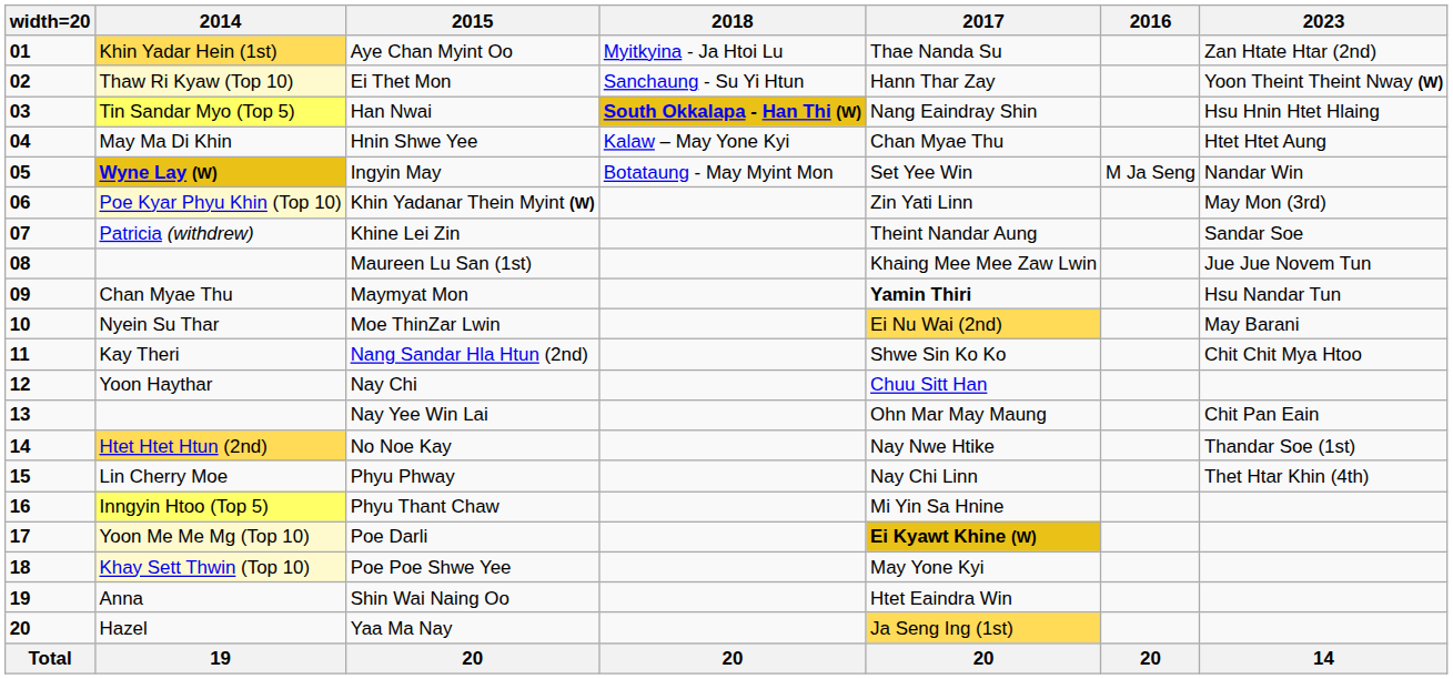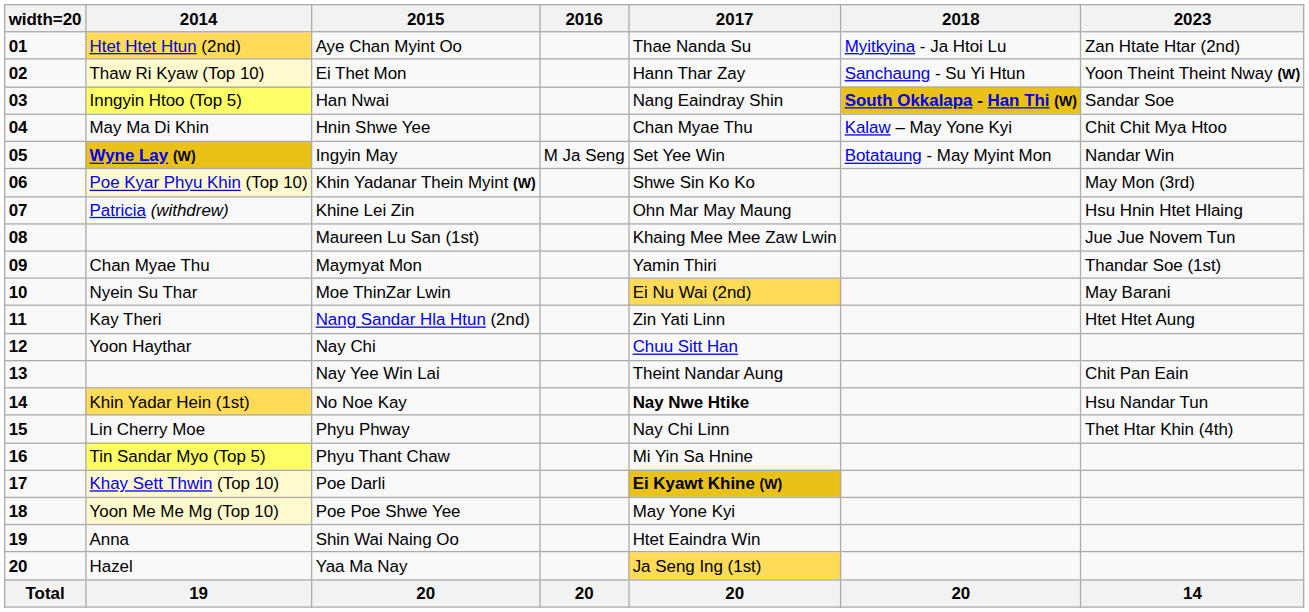 <table class="wikitable" style="font-size: 82%";>
 <tr>
 <th>width=20 </th>
 <th>2014</th>
 <th>2015</th>
+<th>2016</th>
+<th>2017</th>
 <th>2018</th>
-<th>2017</th>
-<th>2016</th>
 <th>2023</th>
 </tr>
 <tr>
 <td><strong>01</strong></td>
-<td bgcolor=#FFDB58>Khin Yadar Hein (1st)</td>
+<td bgcolor=#FFDB58><a href='#'>Htet Htet Htun</a> (2nd)</td>
 <td>Aye Chan Myint Oo</td>
+<td></td>
+<td>Thae Nanda Su</td>
 <td> <a href='#'>Myitkyina</a> - Ja Htoi Lu</td>
-<td>Thae Nanda Su</td>
-<td></td>
 <td>Zan Htate Htar (2nd)</td>
 </tr>
 <tr>
 <td><strong>02</strong></td>
 <td bgcolor="#FFFACD">Thaw Ri Kyaw (Top 10)</td>
 <td>Ei Thet Mon</td>
+<td></td>
+<td>Hann Thar Zay</td>
 <td> <a href='#'>Sanchaung</a> - Su Yi Htun</td>
-<td>Hann Thar Zay</td>
-<td></td>
 <td>Yoon Theint Theint Nway <strong><small>(W)</small></strong></td>
 </tr>
 <tr>
 <td><strong>03</strong></td>
-<td bgcolor="#FFFF66">Tin Sandar Myo (Top 5)</td>
+<td bgcolor="#FFFF66">Inngyin Htoo (Top 5)</td>
 <td>Han Nwai</td>
+<td></td>
+<td>Nang Eaindray Shin</td>
 <td bgcolor="#EAC117"><strong> <a href='#'>South Okkalapa</a> - <a href='#'>Han Thi</a> <small>(W)</small></strong></td>
-<td>Nang Eaindray Shin</td>
-<td></td>
-<td>Hsu Hnin Htet Hlaing</td>
+<td>Sandar Soe</td>
 </tr>
 <tr>
 <td><strong>04</strong></td>
 <td>May Ma Di Khin</td>
 <td>Hnin Shwe Yee</td>
+<td></td>
+<td>Chan Myae Thu</td>
 <td> <a href='#'>Kalaw</a> – May Yone Kyi</td>
-<td>Chan Myae Thu</td>
-<td></td>
-<td>Htet Htet Aung</td>
+<td>Chit Chit Mya Htoo</td>
 </tr>
 <tr>
 <td><strong>05</strong></td>
 <td bgcolor="#EAC117"><strong><a href='#'>Wyne Lay</a> <small>(W)</small></strong></td>
 <td>Ingyin May</td>
+<td>M Ja Seng</td>
+<td>Set Yee Win</td>
 <td> <a href='#'>Botataung</a> - May Myint Mon</td>
-<td>Set Yee Win</td>
-<td>M Ja Seng</td>
 <td>Nandar Win</td>
 </tr>
 <tr>
 <td><strong>06</strong></td>
 <td bgcolor="#FFFACD"><a href='#'>Poe Kyar Phyu Khin</a> (Top 10)</td>
 <td>Khin Yadanar Thein Myint <strong><small>(W)</small></strong></td>
 <td></td>
-<td>Zin Yati Linn</td>
+<td>Shwe Sin Ko Ko</td>
 <td></td>
 <td>May Mon (3rd)</td>
 </tr>
 <tr>
 <td><strong>07</strong></td>
 <td><a href='#'>Patricia</a> <em>(withdrew)</em></td>
 <td>Khine Lei Zin</td>
 <td></td>
-<td>Theint Nandar Aung</td>
+<td>Ohn Mar May Maung</td>
 <td></td>
-<td>Sandar Soe</td>
+<td>Hsu Hnin Htet Hlaing</td>
 </tr>
 <tr>
 <td><strong>08</strong></td>
 <td></td>
 <td>Maureen Lu San (1st)</td>
 <td></td>
 <td>Khaing Mee Mee Zaw Lwin</td>
 <td></td>
 <td>Jue Jue Novem Tun</td>
 </tr>
 <tr>
 <td><strong>09</strong></td>
 <td>Chan Myae Thu</td>
 <td>Maymyat Mon</td>
 <td></td>
-<td><strong>Yamin Thiri</strong></td>
+<td>Yamin Thiri</td>
 <td></td>
-<td>Hsu Nandar Tun</td>
+<td>Thandar Soe (1st)</td>
 </tr>
 <tr>
 <td><strong>10</strong></td>
 <td>Nyein Su Thar</td>
 <td>Moe ThinZar Lwin</td>
 <td></td>
 <td bgcolor=#FFDB58>Ei Nu Wai (2nd)</td>
 <td></td>
 <td>May Barani</td>
 </tr>
 <tr>
 <td><strong>11</strong></td>
 <td>Kay Theri</td>
 <td><a href='#'>Nang Sandar Hla Htun</a> (2nd)</td>
 <td></td>
-<td>Shwe Sin Ko Ko</td>
+<td>Zin Yati Linn</td>
 <td></td>
-<td>Chit Chit Mya Htoo</td>
+<td>Htet Htet Aung</td>
 </tr>
 <tr>
 <td><strong>12</strong></td>
 <td>Yoon Haythar</td>
 <td>Nay Chi</td>
 <td></td>
 <td><a href='#'>Chuu Sitt Han</a></td>
 <td></td>
 <td></td>
 </tr>
 <tr>
 <td><strong>13</strong></td>
 <td></td>
 <td>Nay Yee Win Lai</td>
 <td></td>
-<td>Ohn Mar May Maung</td>
+<td>Theint Nandar Aung</td>
 <td></td>
 <td>Chit Pan Eain</td>
 </tr>
 <tr>
 <td><strong>14</strong></td>
-<td bgcolor=#FFDB58><a href='#'>Htet Htet Htun</a> (2nd)</td>
+<td bgcolor=#FFDB58>Khin Yadar Hein (1st)</td>
 <td>No Noe Kay</td>
 <td></td>
-<td>Nay Nwe Htike</td>
+<td><strong>Nay Nwe Htike</strong></td>
 <td></td>
-<td>Thandar Soe (1st)</td>
+<td>Hsu Nandar Tun</td>
 </tr>
 <tr>
 <td><strong>15</strong></td>
 <td>Lin Cherry Moe</td>
 <td>Phyu Phway</td>
 <td></td>
 <td>Nay Chi Linn</td>
 <td></td>
 <td>Thet Htar Khin (4th)</td>
 </tr>
 <tr>
 <td><strong>16</strong></td>
-<td bgcolor="#FFFF66">Inngyin Htoo (Top 5)</td>
+<td bgcolor="#FFFF66">Tin Sandar Myo (Top 5)</td>
 <td>Phyu Thant Chaw</td>
 <td></td>
 <td>Mi Yin Sa Hnine</td>
 <td></td>
 <td></td>
 </tr>
 <tr>
 <td><strong>17</strong></td>
-<td bgcolor="#FFFACD">Yoon Me Me Mg (Top 10)</td>
+<td bgcolor="#FFFACD"><a href='#'>Khay Sett Thwin</a> (Top 10)</td>
 <td>Poe Darli</td>
 <td></td>
 <td bgcolor="#EAC117"><strong>Ei Kyawt Khine <small>(W)</small></strong></td>
 <td></td>
 <td></td>
 </tr>
 <tr>
 <td><strong>18</strong></td>
-<td bgcolor="#FFFACD"><a href='#'>Khay Sett Thwin</a> (Top 10)</td>
+<td bgcolor="#FFFACD">Yoon Me Me Mg (Top 10)</td>
 <td>Poe Poe Shwe Yee</td>
 <td></td>
 <td>May Yone Kyi</td>
 <td></td>
 <td></td>
 </tr>
 <tr>
 <td><strong>19</strong></td>
 <td>Anna</td>
 <td>Shin Wai Naing Oo</td>
 <td></td>
 <td>Htet Eaindra Win</td>
 <td></td>
 <td></td>
 </tr>
 <tr>
 <td><strong>20</strong></td>
 <td>Hazel</td>
 <td>Yaa Ma Nay</td>
 <td></td>
 <td bgcolor=#FFDB58>Ja Seng Ing (1st)</td>
 <td></td>
 <td></td>
 </tr>
 <tr>
 <th>Total</th>
 <th>19</th>
 <th>20</th>
 <th>20</th>
 <th>20</th>
 <th>20</th>
 <th>14</th>
 </tr>
 </table>
